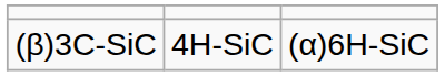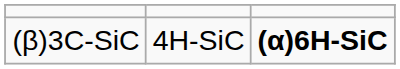 <table class="wikitable" style="margin:1em auto;">
 <tr>
 <td></td>
 <td></td>
 <td></td>
 </tr>
 <tr>
 <td>(β)3C-SiC</td>
 <td>4H-SiC</td>
-<td>(α)6H-SiC</td>
+<td><strong>(α)6H-SiC</strong></td>
 </tr>
 </table>
